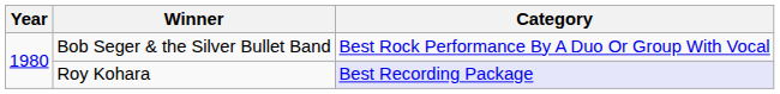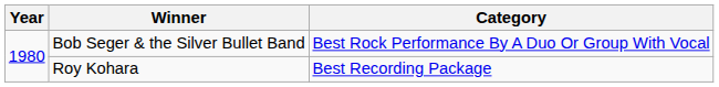 <table class="wikitable sortable">
 <tr>
 <th align="left">Year</th>
 <th align="left">Winner</th>
 <th align="left">Category</th>
 </tr>
 <tr>
 <td style="text-align:left;" rowspan="2"><a href='#'>1980</a></td>
 <td align="left">Bob Seger & the Silver Bullet Band</td>
 <td align="left"><a href='#'>Best Rock Performance By A Duo Or Group With Vocal</a></td>
 </tr>
 <tr>
 <td align="left">Roy Kohara</td>
-<td align="left" style="background: lavender;"><a href='#'>Best Recording Package</a></td>
+<td align="left"><a href='#'>Best Recording Package</a></td>
 </tr>
 </table>
